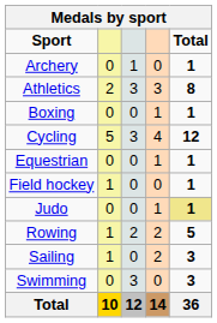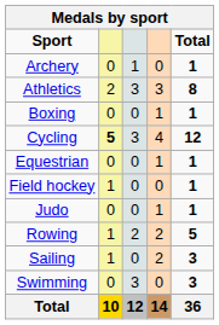 <table class="wikitable" style="font-size:85%">
 <tr style="background:#efefef;">
 <th colspan=7><strong>Medals by sport</strong></th>
 </tr>
 <tr align=center>
 <td><strong>Sport</strong></td>
 <td bgcolor=#f7f6a8></td>
 <td bgcolor=#dce5e5></td>
 <td bgcolor=#ffdab9></td>
 <td><strong>Total</strong></td>
 </tr>
 <tr align=center>
 <td><a href='#'>Archery</a></td>
 <td style="background:#F7F6A8;">0</td>
 <td style="background:#DCE5E5;">1</td>
 <td style="background:#FFDAB9;">0</td>
 <td><strong>1</strong></td>
 </tr>
 <tr align=center>
 <td><a href='#'>Athletics</a></td>
 <td style="background:#F7F6A8;">2</td>
 <td style="background:#DCE5E5;">3</td>
 <td style="background:#FFDAB9;">3</td>
 <td><strong>8</strong></td>
 </tr>
 <tr align=center>
 <td><a href='#'>Boxing</a></td>
 <td style="background:#F7F6A8;">0</td>
 <td style="background:#DCE5E5;">0</td>
 <td style="background:#FFDAB9;">1</td>
 <td><strong>1</strong></td>
 </tr>
 <tr align=center>
 <td><a href='#'>Cycling</a></td>
-<td style="background:#F7F6A8;">5</td>
+<td style="background:#F7F6A8;"><strong>5</strong></td>
 <td style="background:#DCE5E5;">3</td>
 <td style="background:#FFDAB9;">4</td>
 <td><strong>12</strong></td>
 </tr>
 <tr align=center>
 <td><a href='#'>Equestrian</a></td>
 <td style="background:#F7F6A8;">0</td>
 <td style="background:#DCE5E5;">0</td>
 <td style="background:#FFDAB9;">1</td>
 <td><strong>1</strong></td>
 </tr>
 <tr align=center>
 <td><a href='#'>Field hockey</a></td>
 <td style="background:#F7F6A8;">1</td>
 <td style="background:#DCE5E5;">0</td>
 <td style="background:#FFDAB9;">0</td>
 <td><strong>1</strong></td>
 </tr>
 <tr align=center>
 <td><a href='#'>Judo</a></td>
 <td style="background:#F7F6A8;">0</td>
 <td style="background:#DCE5E5;">0</td>
 <td style="background:#FFDAB9;">1</td>
-<td style="background: khaki;"><strong>1</strong></td>
+<td><strong>1</strong></td>
 </tr>
 <tr align=center>
 <td><a href='#'>Rowing</a></td>
 <td style="background:#F7F6A8;">1</td>
 <td style="background:#DCE5E5;">2</td>
 <td style="background:#FFDAB9;">2</td>
 <td><strong>5</strong></td>
 </tr>
 <tr align=center>
 <td><a href='#'>Sailing</a></td>
 <td style="background:#F7F6A8;">1</td>
 <td style="background:#DCE5E5;">0</td>
 <td style="background:#FFDAB9;">2</td>
 <td><strong>3</strong></td>
 </tr>
 <tr align=center>
 <td><a href='#'>Swimming</a></td>
 <td style="background:#F7F6A8;">0</td>
 <td style="background:#DCE5E5;">3</td>
 <td style="background:#FFDAB9;">0</td>
 <td><strong>3</strong></td>
 </tr>
 <tr align=center>
 <th><strong>Total</strong></th>
 <th style="background:gold;"><strong>10</strong></th>
 <th style="background:silver;"><strong>12</strong></th>
 <th style="background:#c96;"><strong>14</strong></th>
 <th><strong>36</strong></th>
 </tr>
 </table>
